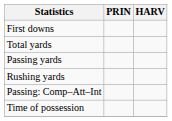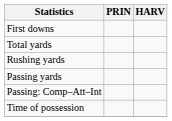 <table class="wikitable" style="float: left;">
 <tr>
 <th>Statistics</th>
 <th>PRIN</th>
 <th>HARV</th>
 </tr>
 <tr>
 <td>First downs</td>
 <td></td>
 <td></td>
 </tr>
 <tr>
 <td>Total yards</td>
 <td></td>
 <td></td>
 </tr>
 <tr>
-<td>Passing yards</td>
+<td>Rushing yards</td>
 <td></td>
 <td></td>
 </tr>
 <tr>
-<td>Rushing yards</td>
+<td>Passing yards</td>
 <td></td>
 <td></td>
 </tr>
 <tr>
 <td>Passing: Comp–Att–Int</td>
 <td></td>
 <td></td>
 </tr>
 <tr>
 <td>Time of possession</td>
 <td></td>
 <td></td>
 </tr>
 <tr>
 </tr>
 </table>
